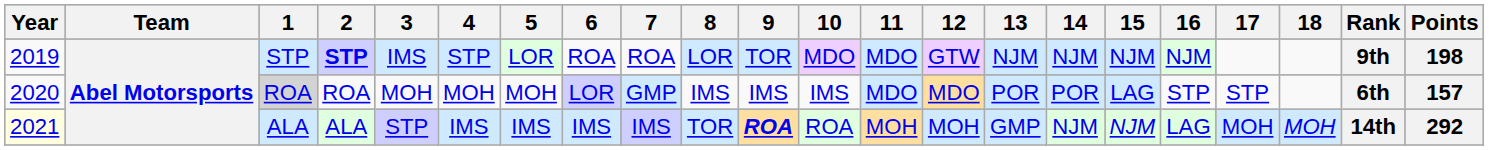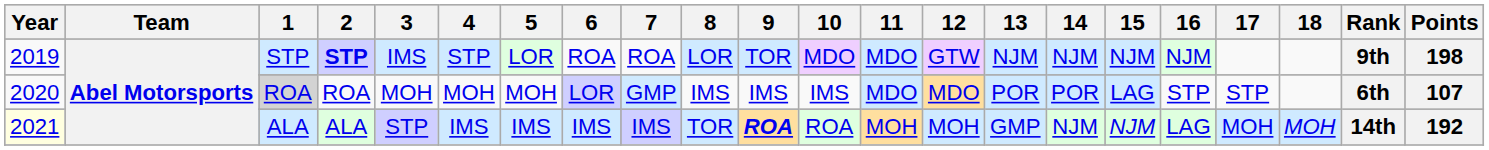 <table class="wikitable" style="text-align:center; font-size:85%">
 <tr>
 <th>Year</th>
 <th>Team</th>
 <th>1</th>
 <th>2</th>
 <th>3</th>
 <th>4</th>
 <th>5</th>
 <th>6</th>
 <th>7</th>
 <th>8</th>
 <th>9</th>
 <th>10</th>
 <th>11</th>
 <th>12</th>
 <th>13</th>
 <th>14</th>
 <th>15</th>
 <th>16</th>
 <th>17</th>
 <th>18</th>
 <th>Rank</th>
 <th>Points</th>
 </tr>
 <tr>
 <td><a href='#'>2019</a></td>
 <th rowspan=3 nowrap><a href='#'>Abel Motorsports</a></th>
 <td style="background:#cfeaff;"><a href='#'>STP</a><br></td>
 <td style="background:#cfcfff;"><strong><a href='#'>STP</a><br></strong></td>
 <td style="background:#cfeaff;"><a href='#'>IMS</a><br></td>
 <td style="background:#cfeaff;"><a href='#'>STP</a><br></td>
 <td style="background:#dfffdf;"><a href='#'>LOR</a><br></td>
 <td><a href='#'>ROA</a></td>
 <td><a href='#'>ROA</a></td>
 <td style="background:#cfeaff;"><a href='#'>LOR</a><br></td>
 <td style="background:#cfeaff;"><a href='#'>TOR</a><br></td>
 <td style="background:#efcfff;"><a href='#'>MDO</a><br></td>
 <td style="background:#cfeaff;"><a href='#'>MDO</a><br></td>
 <td style="background:#efcfff;"><a href='#'>GTW</a><br></td>
 <td style="background:#cfeaff;"><a href='#'>NJM</a><br></td>
 <td style="background:#cfeaff;"><a href='#'>NJM</a><br></td>
 <td style="background:#cfeaff;"><a href='#'>NJM</a><br></td>
 <td style="background:#dfffdf;"><a href='#'>NJM</a><br></td>
 <td></td>
 <td></td>
 <th>9th</th>
 <th>198</th>
 </tr>
 <tr>
 <td><a href='#'>2020</a></td>
 <td style="background: lightgrey;"><a href='#'>ROA</a></td>
 <td><a href='#'>ROA</a></td>
 <td><a href='#'>MOH</a></td>
 <td><a href='#'>MOH</a></td>
 <td><a href='#'>MOH</a></td>
 <td style="background:#cfcfff;"><a href='#'>LOR</a><br></td>
 <td style="background:#cfeaff;"><a href='#'>GMP</a><br></td>
 <td><a href='#'>IMS</a></td>
 <td><a href='#'>IMS</a></td>
 <td><a href='#'>IMS</a></td>
 <td style="background:#cfeaff;"><a href='#'>MDO</a><br></td>
 <td style="background:#ffdf9f;"><a href='#'>MDO</a><br></td>
 <td style="background:#cfeaff;"><a href='#'>POR</a><br></td>
 <td style="background:#cfeaff;"><a href='#'>POR</a><br></td>
 <td style="background:#cfeaff;"><a href='#'>LAG</a><br></td>
 <td><a href='#'>STP</a></td>
 <td><a href='#'>STP</a></td>
 <td></td>
 <th>6th</th>
-<th>157</th>
+<th>107</th>
 </tr>
 <tr>
 <td style="background: lightyellow;"><a href='#'>2021</a></td>
 <td style="background:#cfeaff;"><a href='#'>ALA</a><br></td>
 <td style="background:#dfffdf;"><a href='#'>ALA</a><br></td>
 <td style="background:#cfcfff;"><a href='#'>STP</a><br></td>
 <td style="background:#cfeaff;"><a href='#'>IMS</a><br></td>
 <td style="background:#cfeaff;"><a href='#'>IMS</a><br></td>
 <td style="background:#cfeaff;"><a href='#'>IMS</a><br></td>
 <td style="background:#cfcfff;"><a href='#'>IMS</a><br></td>
 <td style="background:#cfeaff;"><a href='#'>TOR</a><br></td>
 <td style="background:#ffdf9f;"><strong><em><a href='#'>ROA</a><br></em></strong></td>
 <td style="background:#dfffdf;"><a href='#'>ROA</a><br></td>
 <td style="background:#ffdf9f;"><a href='#'>MOH</a><br></td>
 <td style="background:#cfeaff;"><a href='#'>MOH</a><br></td>
 <td style="background:#cfeaff;"><a href='#'>GMP</a><br></td>
 <td style="background:#dfffdf;"><a href='#'>NJM</a><br></td>
 <td style="background:#dfffdf;"><em><a href='#'>NJM</a><br></em></td>
 <td style="background:#dfffdf;"><a href='#'>LAG</a><br></td>
 <td style="background:#cfeaff;"><a href='#'>MOH</a><br></td>
 <td style="background:#cfeaff;"><em><a href='#'>MOH</a><br></em></td>
 <th>14th</th>
-<th>292</th>
+<th>192</th>
 </tr>
 </table>
